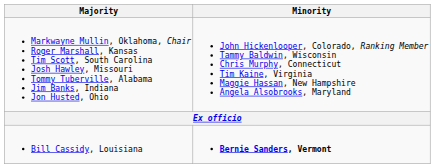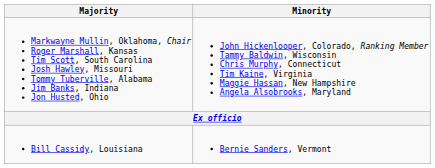 <table class=wikitable>
 <tr>
 <th>Majority</th>
 <th>Minority</th>
 </tr>
 <tr>
 <td><br><ul><li><a href='#'>Markwayne Mullin</a>, Oklahoma, <em>Chair</em></li><li><a href='#'>Roger Marshall</a>, Kansas</li><li><a href='#'>Tim Scott</a>, South Carolina</li><li><a href='#'>Josh Hawley</a>, Missouri</li><li><a href='#'>Tommy Tuberville</a>, Alabama</li><li><a href='#'>Jim Banks</a>, Indiana</li><li><a href='#'>Jon Husted</a>, Ohio</li></ul></td>
 <td><br><ul><li><a href='#'>John Hickenlooper</a>, Colorado, <em>Ranking Member</em></li><li><a href='#'>Tammy Baldwin</a>, Wisconsin</li><li><a href='#'>Chris Murphy</a>, Connecticut</li><li><a href='#'>Tim Kaine</a>, Virginia</li><li><a href='#'>Maggie Hassan</a>, New Hampshire</li><li><a href='#'>Angela Alsobrooks</a>, Maryland</li></ul></td>
 </tr>
 <tr>
 <th colspan=2><em><a href='#'>Ex officio</a></em></th>
 </tr>
 <tr>
 <td><br><ul><li><a href='#'>Bill Cassidy</a>, Louisiana</li></ul></td>
-<td><strong><br><ul><li><span><a href='#'>Bernie Sanders</a>, Vermont</span></li></ul></strong></td>
+<td><br><ul><li><span><a href='#'>Bernie Sanders</a>, Vermont</span></li></ul></td>
 </tr>
 </table>
